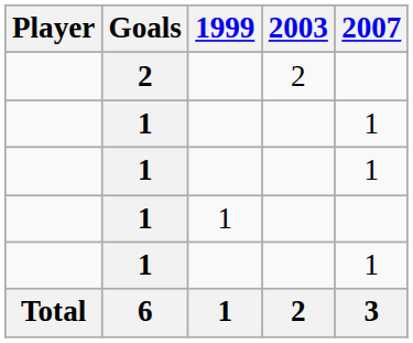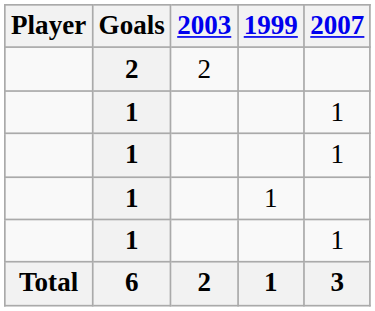 <table class="wikitable sortable" style="text-align:center;">
 <tr>
 <th>Player</th>
 <th>Goals</th>
+<th><a href='#'>2003</a></th>
 <th><a href='#'>1999</a></th>
-<th><a href='#'>2003</a></th>
 <th><a href='#'>2007</a></th>
 </tr>
 <tr>
 <td align="left"></td>
 <th>2</th>
+<td>2</td>
 <td></td>
-<td>2</td>
 <td></td>
 </tr>
 <tr>
 <td align="left"></td>
 <th>1</th>
 <td></td>
 <td></td>
 <td>1</td>
 </tr>
 <tr>
 <td align="left"></td>
 <th>1</th>
 <td></td>
 <td></td>
 <td>1</td>
 </tr>
 <tr>
 <td align="left"></td>
 <th>1</th>
+<td></td>
 <td>1</td>
-<td></td>
 <td></td>
 </tr>
 <tr>
 <td align="left"></td>
 <th>1</th>
 <td></td>
 <td></td>
 <td>1</td>
 </tr>
 <tr class="sortbottom">
 <th>Total</th>
 <th>6</th>
+<th>2</th>
 <th>1</th>
-<th>2</th>
 <th>3</th>
 </tr>
 </table>
